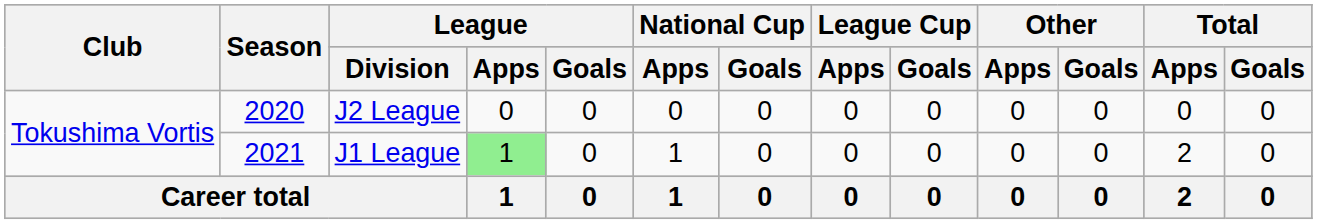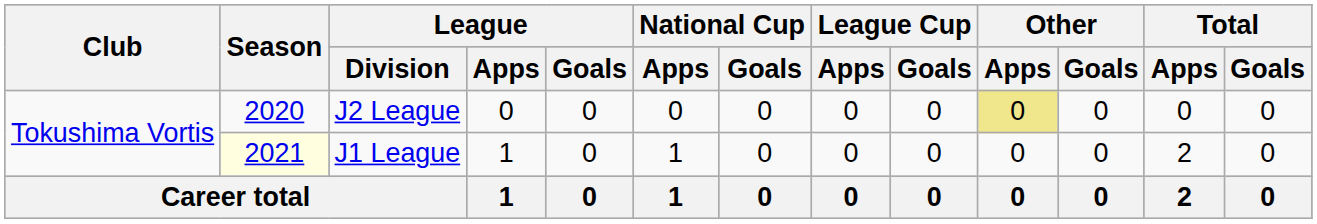 <table class="wikitable" style="text-align: center">
 <tr>
 <th rowspan="2">Club</th>
 <th rowspan="2">Season</th>
 <th colspan="3">League</th>
 <th colspan="2">National Cup</th>
 <th colspan="2">League Cup</th>
 <th colspan="2">Other</th>
 <th colspan="2">Total</th>
 </tr>
 <tr>
 <th>Division</th>
 <th>Apps</th>
 <th>Goals</th>
 <th>Apps</th>
 <th>Goals</th>
 <th>Apps</th>
 <th>Goals</th>
 <th>Apps</th>
 <th>Goals</th>
 <th>Apps</th>
 <th>Goals</th>
 </tr>
 <tr>
 <td rowspan="2"><a href='#'>Tokushima Vortis</a></td>
 <td><a href='#'>2020</a></td>
 <td><a href='#'>J2 League</a></td>
 <td>0</td>
 <td>0</td>
 <td>0</td>
 <td>0</td>
 <td>0</td>
 <td>0</td>
-<td>0</td>
+<td style="background: khaki;">0</td>
 <td>0</td>
 <td>0</td>
 <td>0</td>
 </tr>
 <tr>
-<td><a href='#'>2021</a></td>
+<td style="background: lightyellow;"><a href='#'>2021</a></td>
 <td><a href='#'>J1 League</a></td>
-<td style="background: lightgreen;">1</td>
+<td>1</td>
 <td>0</td>
 <td>1</td>
 <td>0</td>
 <td>0</td>
 <td>0</td>
 <td>0</td>
 <td>0</td>
 <td>2</td>
 <td>0</td>
 </tr>
 <tr>
 <th colspan=3>Career total</th>
 <th>1</th>
 <th>0</th>
 <th>1</th>
 <th>0</th>
 <th>0</th>
 <th>0</th>
 <th>0</th>
 <th>0</th>
 <th>2</th>
 <th>0</th>
 </tr>
 </table>
